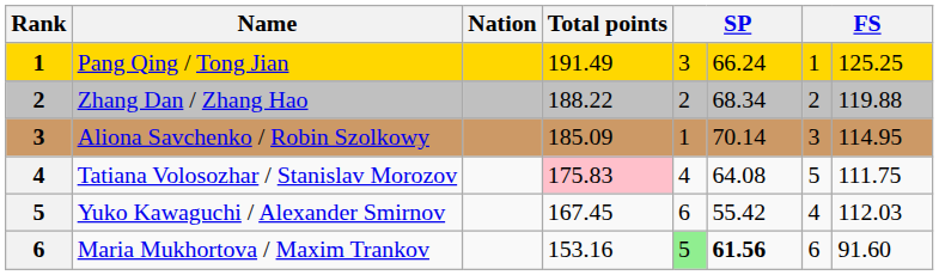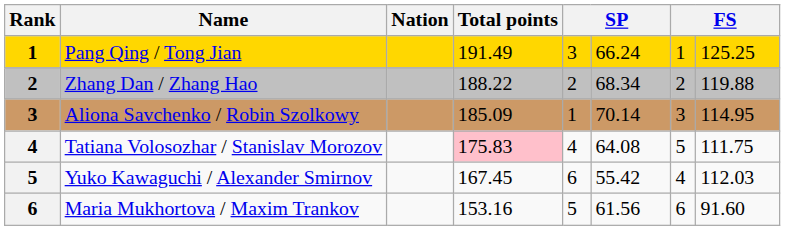 <table class="wikitable">
 <tr>
 <th>Rank</th>
 <th>Name</th>
 <th>Nation</th>
 <th>Total points</th>
 <th colspan="2" width="80px"><a href='#'>SP</a></th>
 <th colspan="2" width="80px"><a href='#'>FS</a></th>
 </tr>
 <tr bgcolor="gold">
 <td align="center"><strong>1</strong></td>
 <td><a href='#'>Pang Qing</a> / <a href='#'>Tong Jian</a></td>
 <td></td>
 <td>191.49</td>
 <td>3</td>
 <td>66.24</td>
 <td>1</td>
 <td>125.25</td>
 </tr>
 <tr bgcolor="silver">
 <td align="center"><strong>2</strong></td>
 <td><a href='#'>Zhang Dan</a> / <a href='#'>Zhang Hao</a></td>
 <td></td>
 <td>188.22</td>
 <td>2</td>
 <td>68.34</td>
 <td>2</td>
 <td>119.88</td>
 </tr>
 <tr bgcolor="cc9966">
 <td align="center"><strong>3</strong></td>
 <td><a href='#'>Aliona Savchenko</a> / <a href='#'>Robin Szolkowy</a></td>
 <td></td>
 <td>185.09</td>
 <td>1</td>
 <td>70.14</td>
 <td>3</td>
 <td>114.95</td>
 </tr>
 <tr>
 <th>4</th>
 <td><a href='#'>Tatiana Volosozhar</a> / <a href='#'>Stanislav Morozov</a></td>
 <td></td>
 <td style="background: pink;">175.83</td>
 <td>4</td>
 <td>64.08</td>
 <td>5</td>
 <td>111.75</td>
 </tr>
 <tr>
 <th>5</th>
 <td><a href='#'>Yuko Kawaguchi</a> / <a href='#'>Alexander Smirnov</a></td>
 <td></td>
 <td>167.45</td>
 <td>6</td>
 <td>55.42</td>
 <td>4</td>
 <td>112.03</td>
 </tr>
 <tr>
 <th>6</th>
 <td><a href='#'>Maria Mukhortova</a> / <a href='#'>Maxim Trankov</a></td>
 <td></td>
 <td>153.16</td>
-<td style="background: lightgreen;">5</td>
-<td><strong>61.56</strong></td>
+<td>5</td>
+<td>61.56</td>
 <td>6</td>
 <td>91.60</td>
 </tr>
 </table>
